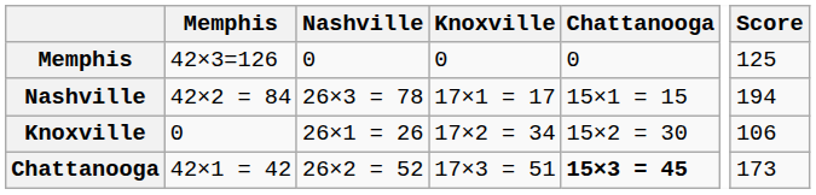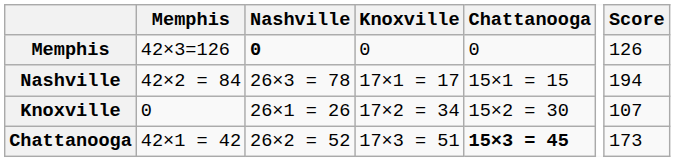 <table class="wikitable" style="border:none">
 <tr>
 <th></th>
 <th>Memphis</th>
 <th>Nashville</th>
 <th>Knoxville</th>
 <th>Chattanooga</th>
 <td rowspan="5" style="border: none; background: white;"></td>
 <th>Score</th>
 </tr>
 <tr>
 <th>Memphis</th>
 <td>42×3=126</td>
+<td><strong>0</strong></td>
 <td>0</td>
 <td>0</td>
-<td>0</td>
-<td>125</td>
+<td>126</td>
 </tr>
 <tr>
 <th>Nashville</th>
 <td>42×2 = 84</td>
 <td>26×3 = 78</td>
 <td>17×1 = 17</td>
 <td>15×1 = 15</td>
 <td>194</td>
 </tr>
 <tr>
 <th>Knoxville</th>
 <td>0</td>
 <td>26×1 = 26</td>
 <td>17×2 = 34</td>
 <td>15×2 = 30</td>
-<td>106</td>
+<td>107</td>
 </tr>
 <tr>
 <th>Chattanooga</th>
 <td>42×1 = 42</td>
 <td>26×2 = 52</td>
 <td>17×3 = 51</td>
 <td><strong>15×3 = 45</strong></td>
 <td>173</td>
 </tr>
 </table>
